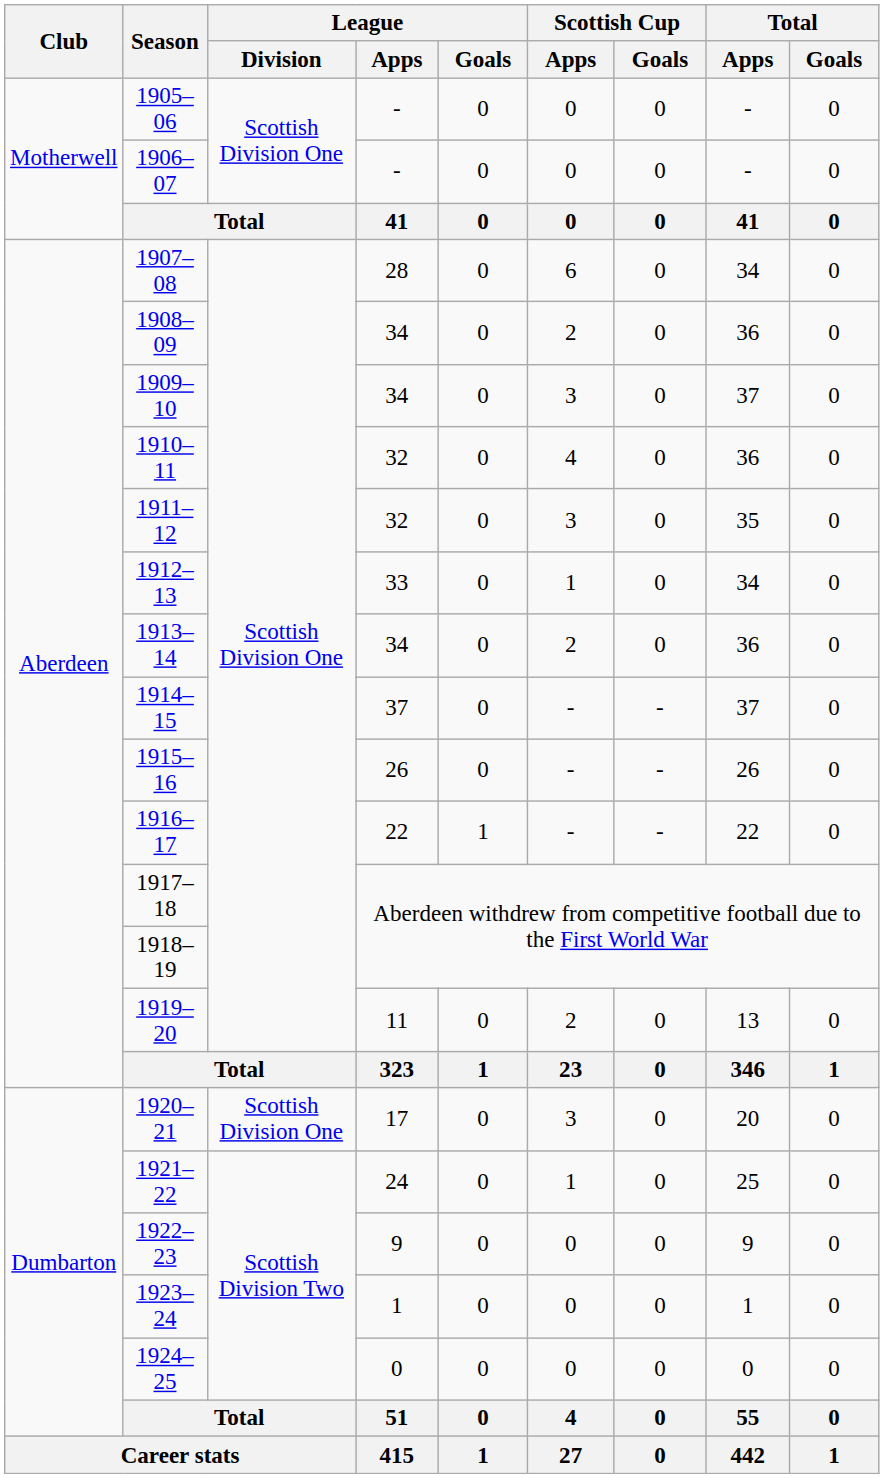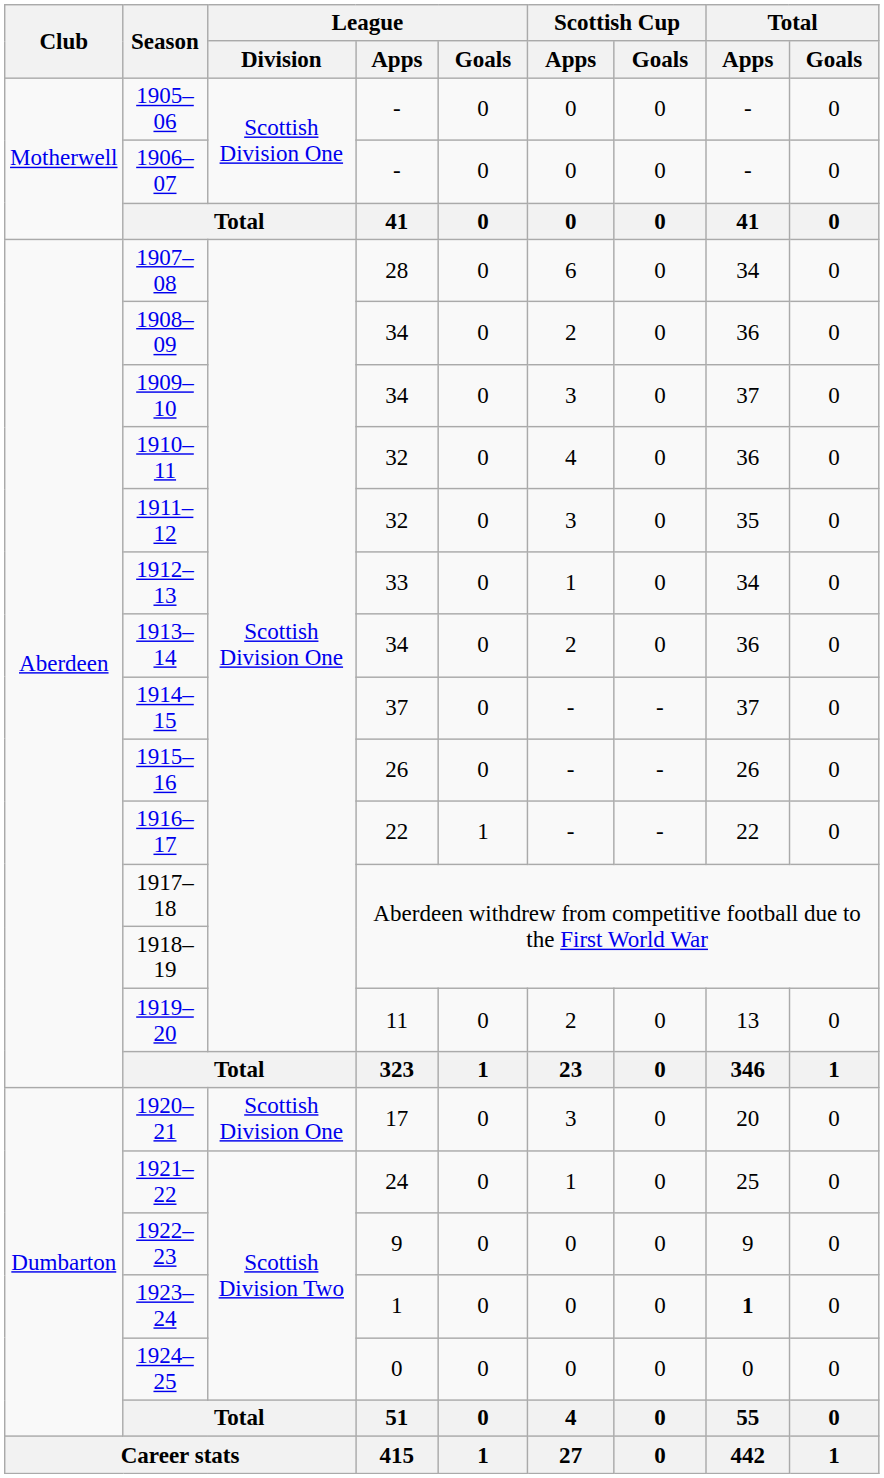 <table class="wikitable" style="text-align:center">
 <tr>
 <th rowspan="2">Club</th>
 <th rowspan="2">Season</th>
 <th colspan="3">League</th>
 <th colspan="2">Scottish Cup</th>
 <th colspan="2">Total</th>
 </tr>
 <tr>
 <th>Division</th>
 <th>Apps</th>
 <th>Goals</th>
 <th>Apps</th>
 <th>Goals</th>
 <th>Apps</th>
 <th>Goals</th>
 </tr>
 <tr>
 <td rowspan="3"><a href='#'>Motherwell</a></td>
 <td><a href='#'>1905–06</a></td>
 <td rowspan="2"><a href='#'>Scottish Division One</a></td>
 <td>-</td>
 <td>0</td>
 <td>0</td>
 <td>0</td>
 <td>-</td>
 <td>0</td>
 </tr>
 <tr>
 <td><a href='#'>1906–07</a></td>
 <td>-</td>
 <td>0</td>
 <td>0</td>
 <td>0</td>
 <td>-</td>
 <td>0</td>
 </tr>
 <tr>
 <th colspan="2">Total</th>
 <th>41</th>
 <th>0</th>
 <th>0</th>
 <th>0</th>
 <th>41</th>
 <th>0</th>
 </tr>
 <tr>
 <td rowspan="14"><a href='#'>Aberdeen</a></td>
 <td><a href='#'>1907–08</a></td>
 <td rowspan="13"><a href='#'>Scottish Division One</a></td>
 <td>28</td>
 <td>0</td>
 <td>6</td>
 <td>0</td>
 <td>34</td>
 <td>0</td>
 </tr>
 <tr>
 <td><a href='#'>1908–09</a></td>
 <td>34</td>
 <td>0</td>
 <td>2</td>
 <td>0</td>
 <td>36</td>
 <td>0</td>
 </tr>
 <tr>
 <td><a href='#'>1909–10</a></td>
 <td>34</td>
 <td>0</td>
 <td>3</td>
 <td>0</td>
 <td>37</td>
 <td>0</td>
 </tr>
 <tr>
 <td><a href='#'>1910–11</a></td>
 <td>32</td>
 <td>0</td>
 <td>4</td>
 <td>0</td>
 <td>36</td>
 <td>0</td>
 </tr>
 <tr>
 <td><a href='#'>1911–12</a></td>
 <td>32</td>
 <td>0</td>
 <td>3</td>
 <td>0</td>
 <td>35</td>
 <td>0</td>
 </tr>
 <tr>
 <td><a href='#'>1912–13</a></td>
 <td>33</td>
 <td>0</td>
 <td>1</td>
 <td>0</td>
 <td>34</td>
 <td>0</td>
 </tr>
 <tr>
 <td><a href='#'>1913–14</a></td>
 <td>34</td>
 <td>0</td>
 <td>2</td>
 <td>0</td>
 <td>36</td>
 <td>0</td>
 </tr>
 <tr>
 <td><a href='#'>1914–15</a></td>
 <td>37</td>
 <td>0</td>
 <td>-</td>
 <td>-</td>
 <td>37</td>
 <td>0</td>
 </tr>
 <tr>
 <td><a href='#'>1915–16</a></td>
 <td>26</td>
 <td>0</td>
 <td>-</td>
 <td>-</td>
 <td>26</td>
 <td>0</td>
 </tr>
 <tr>
 <td><a href='#'>1916–17</a></td>
 <td>22</td>
 <td>1</td>
 <td>-</td>
 <td>-</td>
 <td>22</td>
 <td>0</td>
 </tr>
 <tr>
 <td>1917–18</td>
 <td colspan="6" rowspan="2">Aberdeen withdrew from competitive football due to the <a href='#'>First World War</a></td>
 </tr>
 <tr>
 <td>1918–19</td>
 </tr>
 <tr>
 <td><a href='#'>1919–20</a></td>
 <td>11</td>
 <td>0</td>
 <td>2</td>
 <td>0</td>
 <td>13</td>
 <td>0</td>
 </tr>
 <tr>
 <th colspan="2">Total</th>
 <th>323</th>
 <th>1</th>
 <th>23</th>
 <th>0</th>
 <th>346</th>
 <th>1</th>
 </tr>
 <tr>
 <td rowspan="6"><a href='#'>Dumbarton</a></td>
 <td><a href='#'>1920–21</a></td>
 <td><a href='#'>Scottish Division One</a></td>
 <td>17</td>
 <td>0</td>
 <td>3</td>
 <td>0</td>
 <td>20</td>
 <td>0</td>
 </tr>
 <tr>
 <td><a href='#'>1921–22</a></td>
 <td rowspan="4"><a href='#'>Scottish Division Two</a></td>
 <td>24</td>
 <td>0</td>
 <td>1</td>
 <td>0</td>
 <td>25</td>
 <td>0</td>
 </tr>
 <tr>
 <td><a href='#'>1922–23</a></td>
 <td>9</td>
 <td>0</td>
 <td>0</td>
 <td>0</td>
 <td>9</td>
 <td>0</td>
 </tr>
 <tr>
 <td><a href='#'>1923–24</a></td>
 <td>1</td>
 <td>0</td>
 <td>0</td>
 <td>0</td>
-<td>1</td>
+<td><strong>1</strong></td>
 <td>0</td>
 </tr>
 <tr>
 <td><a href='#'>1924–25</a></td>
 <td>0</td>
 <td>0</td>
 <td>0</td>
 <td>0</td>
 <td>0</td>
 <td>0</td>
 </tr>
 <tr>
 <th colspan="2">Total</th>
 <th>51</th>
 <th>0</th>
 <th>4</th>
 <th>0</th>
 <th>55</th>
 <th>0</th>
 </tr>
 <tr>
 <th colspan="3">Career stats</th>
 <th>415</th>
 <th>1</th>
 <th>27</th>
 <th>0</th>
 <th>442</th>
 <th>1</th>
 </tr>
 </table>
